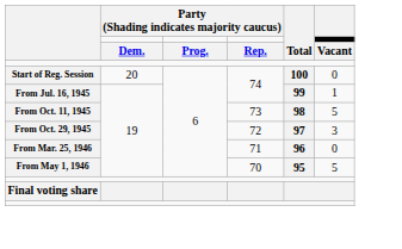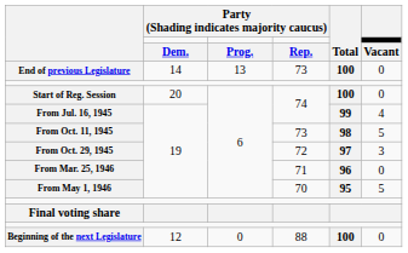 <table class=wikitable style="text-align:center">
 <tr style="vertical-align:bottom;">
 <th rowspan=3></th>
 <th colspan=3>Party <div>(Shading indicates majority caucus)</div></th>
 <th rowspan=3>Total</th>
 <th></th>
 </tr>
 <tr style="height:5px">
 <td style="background-color:"></td>
 <td style="background-color:"></td>
 <td style="background-color:"></td>
 <td style="background:black;"></td>
 </tr>
 <tr>
 <th><a href='#'>Dem.</a></th>
 <th><a href='#'>Prog.</a></th>
 <th><a href='#'>Rep.</a></th>
 <th>Vacant</th>
 </tr>
 <tr>
+<th style="font-size:80%;">End of <a href='#'>previous Legislature</a></th>
+<td>14</td>
+<td>13</td>
+<td>73</td>
+<th>100</th>
+<td>0</td>
+</tr>
+<tr>
 <td colspan=6></td>
 </tr>
 <tr>
 <th style="font-size:80%;">Start of Reg. Session</th>
 <td>20</td>
 <td rowspan="6">6</td>
 <td rowspan="2" >74</td>
 <th>100</th>
 <td>0</td>
 </tr>
 <tr>
 <th style="font-size:80%;">From Jul. 16, 1945</th>
 <td rowspan="5">19</td>
 <th>99</th>
-<td>1</td>
+<td>4</td>
 </tr>
 <tr>
 <th style="font-size:80%;">From Oct. 11, 1945</th>
 <td>73</td>
 <th>98</th>
 <td>5</td>
 </tr>
 <tr>
 <th style="font-size:80%;">From Oct. 29, 1945</th>
 <td>72</td>
 <th>97</th>
 <td>3</td>
 </tr>
 <tr>
 <th style="font-size:80%;">From Mar. 25, 1946</th>
 <td>71</td>
 <th>96</th>
 <td>0</td>
 </tr>
 <tr>
 <th style="font-size:80%;">From May 1, 1946</th>
 <td>70</td>
 <th>95</th>
 <td>5</td>
 </tr>
 <tr>
 <td colspan=6></td>
 </tr>
 <tr>
 <th>Final voting share</th>
 <th></th>
 <th></th>
 <th></th>
 <th colspan=2></th>
 </tr>
 <tr>
 <td colspan=6></td>
 </tr>
+<tr>
+<th style="font-size:80%;">Beginning of the <a href='#'>next Legislature</a></th>
+<td>12</td>
+<td>0</td>
+<td>88</td>
+<th>100</th>
+<td>0</td>
+</tr>
 </table>
